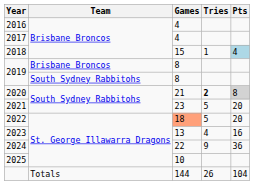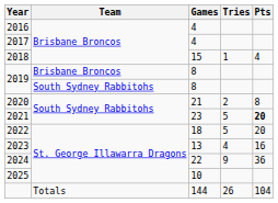 <table class="wikitable">
 <tr>
 <th>Year</th>
 <th>Team</th>
 <th>Games</th>
 <th>Tries</th>
 <th>Pts</th>
 </tr>
 <tr>
 <td>2016</td>
 <td rowspan="3"> <a href='#'>Brisbane Broncos</a></td>
 <td>4</td>
 <td></td>
 <td></td>
 </tr>
 <tr>
 <td>2017</td>
 <td>4</td>
 <td></td>
 <td></td>
 </tr>
 <tr>
 <td>2018</td>
 <td>15</td>
 <td>1</td>
-<td style="background: lightblue;">4</td>
+<td>4</td>
 </tr>
 <tr>
 <td rowspan="2">2019</td>
 <td> <a href='#'>Brisbane Broncos</a></td>
 <td>8</td>
 <td></td>
 <td></td>
 </tr>
 <tr>
 <td> <a href='#'>South Sydney Rabbitohs</a></td>
 <td>8</td>
 <td></td>
 <td></td>
 </tr>
 <tr>
 <td>2020</td>
 <td rowspan="2"> <a href='#'>South Sydney Rabbitohs</a></td>
 <td>21</td>
-<td><strong>2</strong></td>
-<td style="background: lightgrey;">8</td>
+<td>2</td>
+<td>8</td>
 </tr>
 <tr>
 <td>2021</td>
 <td>23</td>
 <td>5</td>
-<td>20</td>
+<td><strong>20</strong></td>
 </tr>
 <tr>
 <td>2022</td>
 <td rowspan="4"> <a href='#'>St. George Illawarra Dragons</a></td>
-<td style="background: lightsalmon;">18</td>
+<td>18</td>
 <td>5</td>
 <td>20</td>
 </tr>
 <tr>
 <td>2023</td>
 <td>13</td>
 <td>4</td>
 <td>16</td>
 </tr>
 <tr>
 <td>2024</td>
 <td>22</td>
 <td>9</td>
 <td>36</td>
 </tr>
 <tr>
 <td>2025</td>
 <td>10</td>
 <td></td>
 <td></td>
 </tr>
 <tr>
 <td></td>
 <td>Totals</td>
 <td>144</td>
 <td>26</td>
 <td>104</td>
 </tr>
 </table>
